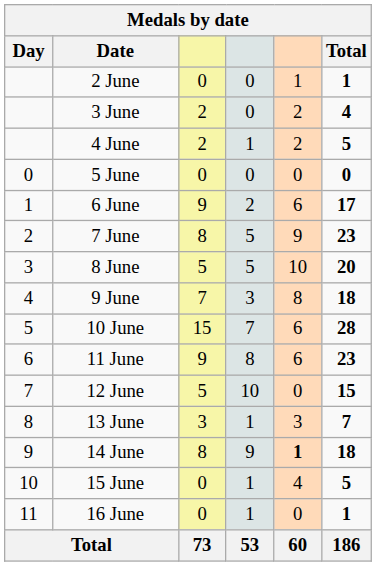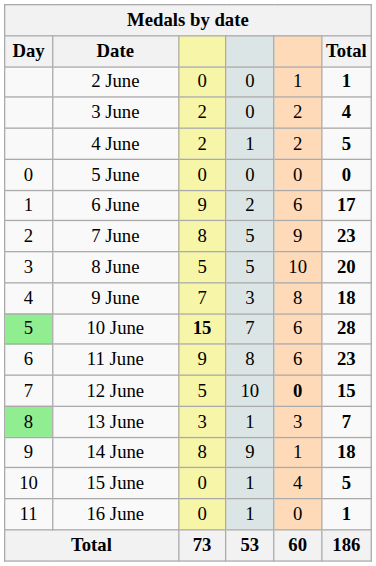 <table class="wikitable" style="font-size:90%; text-align:center;">
 <tr style="background:#efefef;">
 <th colspan=6>Medals by date</th>
 </tr>
 <tr>
 <th width=30>Day</th>
 <th width=90>Date</th>
 <th width=30 style="background:#F7F6A8;"></th>
 <th width=30 style="background:#DCE5E5;"></th>
 <th width=30 style="background:#FFDAB9;"></th>
 <th width=30>Total</th>
 </tr>
 <tr>
 <td></td>
 <td>2 June</td>
 <td style="background:#F7F6A8;">0</td>
 <td style="background:#DCE5E5;">0</td>
 <td style="background:#FFDAB9;">1</td>
 <td><strong>1</strong></td>
 </tr>
 <tr>
 <td></td>
 <td>3 June</td>
 <td style="background:#F7F6A8;">2</td>
 <td style="background:#DCE5E5;">0</td>
 <td style="background:#FFDAB9;">2</td>
 <td><strong>4</strong></td>
 </tr>
 <tr>
 <td></td>
 <td>4 June</td>
 <td style="background:#F7F6A8;">2</td>
 <td style="background:#DCE5E5;">1</td>
 <td style="background:#FFDAB9;">2</td>
 <td><strong>5</strong></td>
 </tr>
 <tr>
 <td>0</td>
 <td>5 June</td>
 <td style="background:#F7F6A8;">0</td>
 <td style="background:#DCE5E5;">0</td>
 <td style="background:#FFDAB9;">0</td>
 <td><strong>0</strong></td>
 </tr>
 <tr>
 <td>1</td>
 <td>6 June</td>
 <td style="background:#F7F6A8;">9</td>
 <td style="background:#DCE5E5;">2</td>
 <td style="background:#FFDAB9;">6</td>
 <td><strong>17</strong></td>
 </tr>
 <tr>
 <td>2</td>
 <td>7 June</td>
 <td style="background:#F7F6A8;">8</td>
 <td style="background:#DCE5E5;">5</td>
 <td style="background:#FFDAB9;">9</td>
 <td><strong>23</strong></td>
 </tr>
 <tr>
 <td>3</td>
 <td>8 June</td>
 <td style="background:#F7F6A8;">5</td>
 <td style="background:#DCE5E5;">5</td>
 <td style="background:#FFDAB9;">10</td>
 <td><strong>20</strong></td>
 </tr>
 <tr>
 <td>4</td>
 <td>9 June</td>
 <td style="background:#F7F6A8;">7</td>
 <td style="background:#DCE5E5;">3</td>
 <td style="background:#FFDAB9;">8</td>
 <td><strong>18</strong></td>
 </tr>
 <tr>
-<td>5</td>
+<td style="background: lightgreen;">5</td>
 <td>10 June</td>
-<td style="background:#F7F6A8;">15</td>
+<td style="background:#F7F6A8;"><strong>15</strong></td>
 <td style="background:#DCE5E5;">7</td>
 <td style="background:#FFDAB9;">6</td>
 <td><strong>28</strong></td>
 </tr>
 <tr>
 <td>6</td>
 <td>11 June</td>
 <td style="background:#F7F6A8;">9</td>
 <td style="background:#DCE5E5;">8</td>
 <td style="background:#FFDAB9;">6</td>
 <td><strong>23</strong></td>
 </tr>
 <tr>
 <td>7</td>
 <td>12 June</td>
 <td style="background:#F7F6A8;">5</td>
 <td style="background:#DCE5E5;">10</td>
-<td style="background:#FFDAB9;">0</td>
+<td style="background:#FFDAB9;"><strong>0</strong></td>
 <td><strong>15</strong></td>
 </tr>
 <tr>
-<td>8</td>
+<td style="background: lightgreen;">8</td>
 <td>13 June</td>
 <td style="background:#F7F6A8;">3</td>
 <td style="background:#DCE5E5;">1</td>
 <td style="background:#FFDAB9;">3</td>
 <td><strong>7</strong></td>
 </tr>
 <tr>
 <td>9</td>
 <td>14 June</td>
 <td style="background:#F7F6A8;">8</td>
 <td style="background:#DCE5E5;">9</td>
-<td style="background:#FFDAB9;"><strong>1</strong></td>
+<td style="background:#FFDAB9;">1</td>
 <td><strong>18</strong></td>
 </tr>
 <tr>
 <td>10</td>
 <td>15 June</td>
 <td style="background:#F7F6A8;">0</td>
 <td style="background:#DCE5E5;">1</td>
 <td style="background:#FFDAB9;">4</td>
 <td><strong>5</strong></td>
 </tr>
 <tr>
 <td>11</td>
 <td>16 June</td>
 <td style="background:#F7F6A8;">0</td>
 <td style="background:#DCE5E5;">1</td>
 <td style="background:#FFDAB9;">0</td>
 <td><strong>1</strong></td>
 </tr>
 <tr>
 <th colspan="2">Total</th>
 <th>73</th>
 <th>53</th>
 <th>60</th>
 <th>186</th>
 </tr>
 </table>
